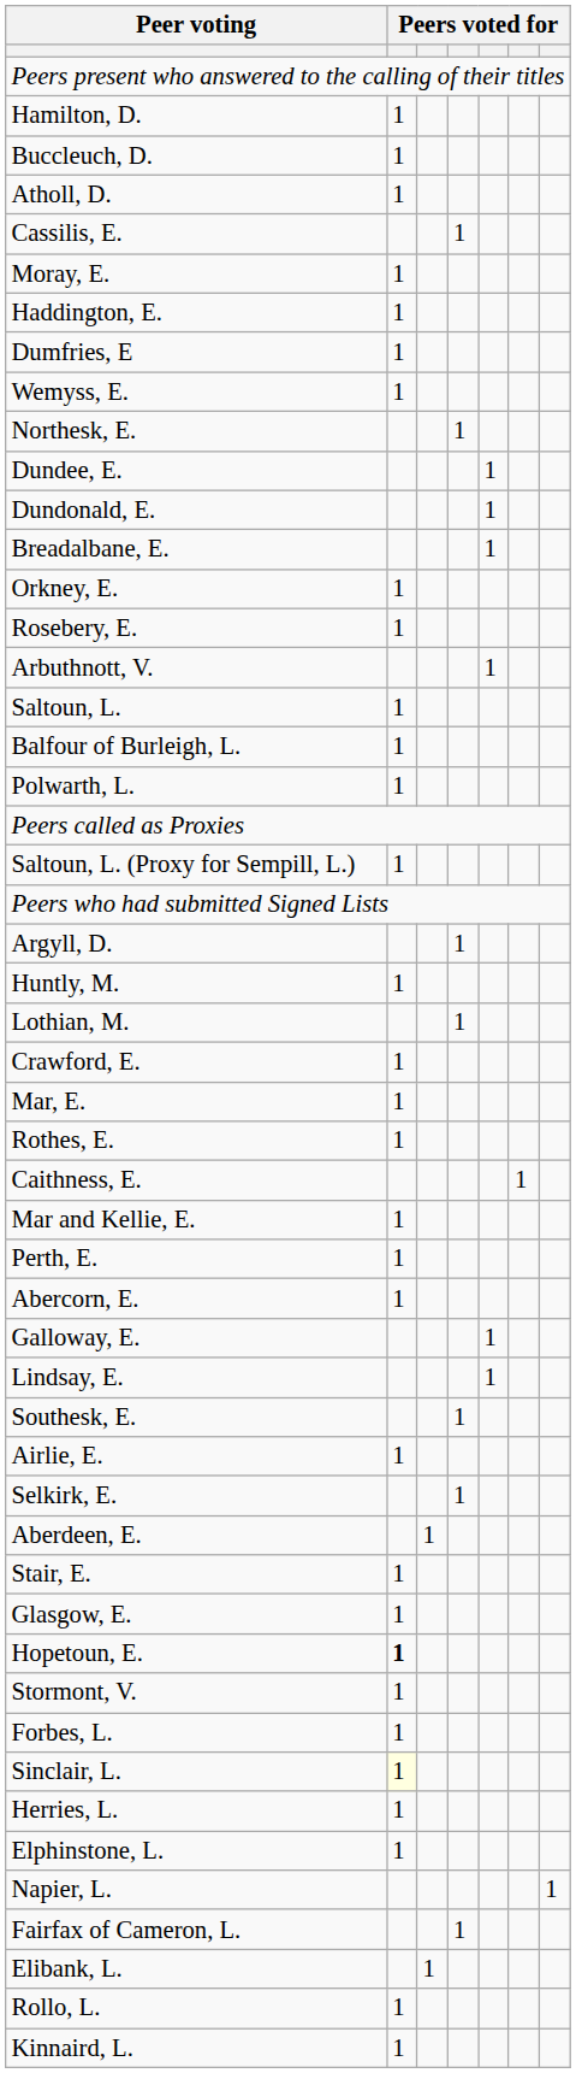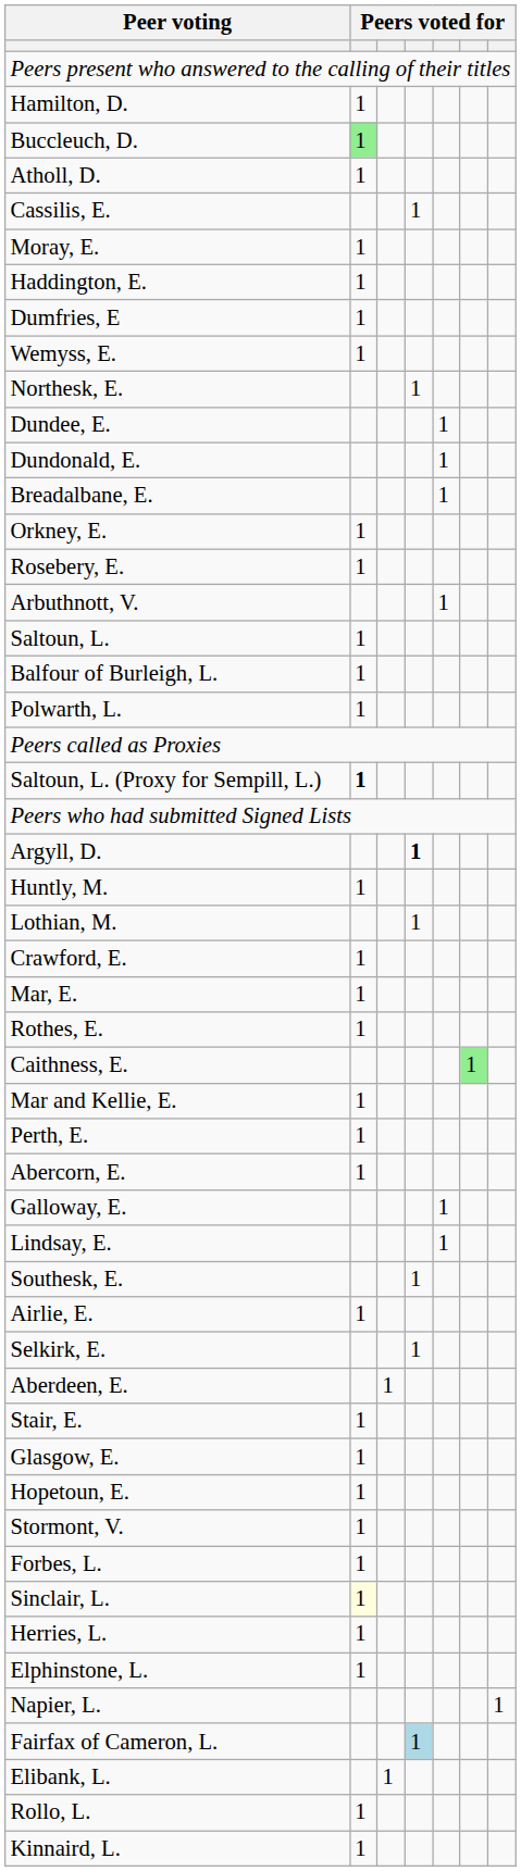 <table class="wikitable">
 <tr>
 <th>Peer voting</th>
 <th colspan=29>Peers voted for</th>
 </tr>
 <tr>
 <th></th>
 <th></th>
 <th></th>
 <th></th>
 <th></th>
 <th></th>
 <th></th>
 </tr>
 <tr>
 <td colspan=30><em>Peers present who answered to the calling of their titles</em></td>
 </tr>
 <tr>
 <td>Hamilton, D.</td>
 <td>1</td>
 <td></td>
 <td></td>
 <td></td>
 <td></td>
 <td></td>
 </tr>
 <tr>
 <td>Buccleuch, D.</td>
-<td>1</td>
+<td style="background: lightgreen;">1</td>
 <td></td>
 <td></td>
 <td></td>
 <td></td>
 <td></td>
 </tr>
 <tr>
 <td>Atholl, D.</td>
 <td>1</td>
 <td></td>
 <td></td>
 <td></td>
 <td></td>
 <td></td>
 </tr>
 <tr>
 <td>Cassilis, E.</td>
 <td></td>
 <td></td>
 <td>1</td>
 <td></td>
 <td></td>
 <td></td>
 </tr>
 <tr>
 <td>Moray, E.</td>
 <td>1</td>
 <td></td>
 <td></td>
 <td></td>
 <td></td>
 <td></td>
 </tr>
 <tr>
 <td>Haddington, E.</td>
 <td>1</td>
 <td></td>
 <td></td>
 <td></td>
 <td></td>
 <td></td>
 </tr>
 <tr>
 <td>Dumfries, E</td>
 <td>1</td>
 <td></td>
 <td></td>
 <td></td>
 <td></td>
 <td></td>
 </tr>
 <tr>
 <td>Wemyss, E.</td>
 <td>1</td>
 <td></td>
 <td></td>
 <td></td>
 <td></td>
 <td></td>
 </tr>
 <tr>
 <td>Northesk, E.</td>
 <td></td>
 <td></td>
 <td>1</td>
 <td></td>
 <td></td>
 <td></td>
 </tr>
 <tr>
 <td>Dundee, E.</td>
 <td></td>
 <td></td>
 <td></td>
 <td>1</td>
 <td></td>
 <td></td>
 </tr>
 <tr>
 <td>Dundonald, E.</td>
 <td></td>
 <td></td>
 <td></td>
 <td>1</td>
 <td></td>
 <td></td>
 </tr>
 <tr>
 <td>Breadalbane, E.</td>
 <td></td>
 <td></td>
 <td></td>
 <td>1</td>
 <td></td>
 <td></td>
 </tr>
 <tr>
 <td>Orkney, E.</td>
 <td>1</td>
 <td></td>
 <td></td>
 <td></td>
 <td></td>
 <td></td>
 </tr>
 <tr>
 <td>Rosebery, E.</td>
 <td>1</td>
 <td></td>
 <td></td>
 <td></td>
 <td></td>
 <td></td>
 </tr>
 <tr>
 <td>Arbuthnott, V.</td>
 <td></td>
 <td></td>
 <td></td>
 <td>1</td>
 <td></td>
 <td></td>
 </tr>
 <tr>
 <td>Saltoun, L.</td>
 <td>1</td>
 <td></td>
 <td></td>
 <td></td>
 <td></td>
 <td></td>
 </tr>
 <tr>
 <td>Balfour of Burleigh, L.</td>
 <td>1</td>
 <td></td>
 <td></td>
 <td></td>
 <td></td>
 <td></td>
 </tr>
 <tr>
 <td>Polwarth, L.</td>
 <td>1</td>
 <td></td>
 <td></td>
 <td></td>
 <td></td>
 <td></td>
 </tr>
 <tr>
 <td colspan=30><em>Peers called as Proxies</em></td>
 </tr>
 <tr>
 <td>Saltoun, L. (Proxy for Sempill, L.)</td>
-<td>1</td>
+<td><strong>1</strong></td>
 <td></td>
 <td></td>
 <td></td>
 <td></td>
 <td></td>
 </tr>
 <tr>
 <td colspan=30><em>Peers who had submitted Signed Lists</em></td>
 </tr>
 <tr>
 <td>Argyll, D.</td>
 <td></td>
 <td></td>
-<td>1</td>
+<td><strong>1</strong></td>
 <td></td>
 <td></td>
 <td></td>
 </tr>
 <tr>
 <td>Huntly, M.</td>
 <td>1</td>
 <td></td>
 <td></td>
 <td></td>
 <td></td>
 <td></td>
 </tr>
 <tr>
 <td>Lothian, M.</td>
 <td></td>
 <td></td>
 <td>1</td>
 <td></td>
 <td></td>
 <td></td>
 </tr>
 <tr>
 <td>Crawford, E.</td>
 <td>1</td>
 <td></td>
 <td></td>
 <td></td>
 <td></td>
 <td></td>
 </tr>
 <tr>
 <td>Mar, E.</td>
 <td>1</td>
 <td></td>
 <td></td>
 <td></td>
 <td></td>
 <td></td>
 </tr>
 <tr>
 <td>Rothes, E.</td>
 <td>1</td>
 <td></td>
 <td></td>
 <td></td>
 <td></td>
 <td></td>
 </tr>
 <tr>
 <td>Caithness, E.</td>
 <td></td>
 <td></td>
 <td></td>
 <td></td>
-<td>1</td>
+<td style="background: lightgreen;">1</td>
 <td></td>
 </tr>
 <tr>
 <td>Mar and Kellie, E.</td>
 <td>1</td>
 <td></td>
 <td></td>
 <td></td>
 <td></td>
 <td></td>
 </tr>
 <tr>
 <td>Perth, E.</td>
 <td>1</td>
 <td></td>
 <td></td>
 <td></td>
 <td></td>
 <td></td>
 </tr>
 <tr>
 <td>Abercorn, E.</td>
 <td>1</td>
 <td></td>
 <td></td>
 <td></td>
 <td></td>
 <td></td>
 </tr>
 <tr>
 <td>Galloway, E.</td>
 <td></td>
 <td></td>
 <td></td>
 <td>1</td>
 <td></td>
 <td></td>
 </tr>
 <tr>
 <td>Lindsay, E.</td>
 <td></td>
 <td></td>
 <td></td>
 <td>1</td>
 <td></td>
 <td></td>
 </tr>
 <tr>
 <td>Southesk, E.</td>
 <td></td>
 <td></td>
 <td>1</td>
 <td></td>
 <td></td>
 <td></td>
 </tr>
 <tr>
 <td>Airlie, E.</td>
 <td>1</td>
 <td></td>
 <td></td>
 <td></td>
 <td></td>
 <td></td>
 </tr>
 <tr>
 <td>Selkirk, E.</td>
 <td></td>
 <td></td>
 <td>1</td>
 <td></td>
 <td></td>
 <td></td>
 </tr>
 <tr>
 <td>Aberdeen, E.</td>
 <td></td>
 <td>1</td>
 <td></td>
 <td></td>
 <td></td>
 <td></td>
 </tr>
 <tr>
 <td>Stair, E.</td>
 <td>1</td>
 <td></td>
 <td></td>
 <td></td>
 <td></td>
 <td></td>
 </tr>
 <tr>
 <td>Glasgow, E.</td>
 <td>1</td>
 <td></td>
 <td></td>
 <td></td>
 <td></td>
 <td></td>
 </tr>
 <tr>
 <td>Hopetoun, E.</td>
-<td><strong>1</strong></td>
+<td>1</td>
 <td></td>
 <td></td>
 <td></td>
 <td></td>
 <td></td>
 </tr>
 <tr>
 <td>Stormont, V.</td>
 <td>1</td>
 <td></td>
 <td></td>
 <td></td>
 <td></td>
 <td></td>
 </tr>
 <tr>
 <td>Forbes, L.</td>
 <td>1</td>
 <td></td>
 <td></td>
 <td></td>
 <td></td>
 <td></td>
 </tr>
 <tr>
 <td>Sinclair, L.</td>
 <td style="background: lightyellow;">1</td>
 <td></td>
 <td></td>
 <td></td>
 <td></td>
 <td></td>
 </tr>
 <tr>
 <td>Herries, L.</td>
 <td>1</td>
 <td></td>
 <td></td>
 <td></td>
 <td></td>
 <td></td>
 </tr>
 <tr>
 <td>Elphinstone, L.</td>
 <td>1</td>
 <td></td>
 <td></td>
 <td></td>
 <td></td>
 <td></td>
 </tr>
 <tr>
 <td>Napier, L.</td>
 <td></td>
 <td></td>
 <td></td>
 <td></td>
 <td></td>
 <td>1</td>
 </tr>
 <tr>
 <td>Fairfax of Cameron, L.</td>
 <td></td>
 <td></td>
-<td>1</td>
+<td style="background: lightblue;">1</td>
 <td></td>
 <td></td>
 <td></td>
 </tr>
 <tr>
 <td>Elibank, L.</td>
 <td></td>
 <td>1</td>
 <td></td>
 <td></td>
 <td></td>
 <td></td>
 </tr>
 <tr>
 <td>Rollo, L.</td>
 <td>1</td>
 <td></td>
 <td></td>
 <td></td>
 <td></td>
 <td></td>
 </tr>
 <tr>
 <td>Kinnaird, L.</td>
 <td>1</td>
 <td></td>
 <td></td>
 <td></td>
 <td></td>
 <td></td>
 </tr>
 <tr>
 </tr>
 </table>
